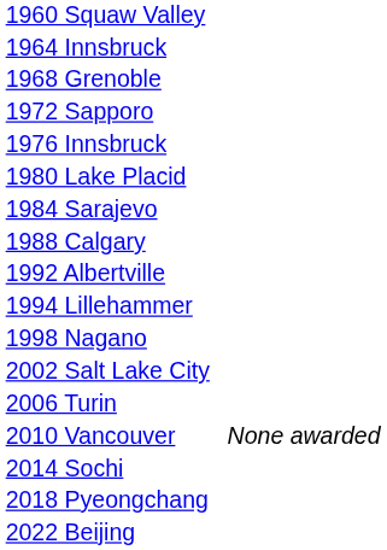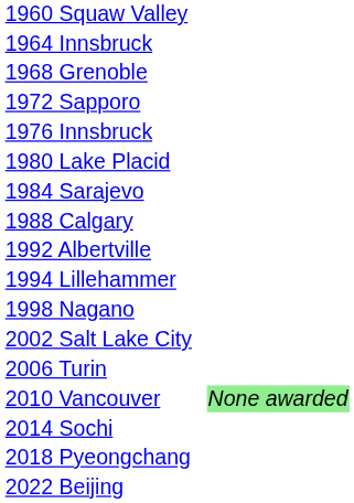 <table>
 <tr>
 <td><a href='#'>1960 Squaw Valley</a><br></td>
 <td></td>
 <td></td>
 <td></td>
 </tr>
 <tr>
 <td><a href='#'>1964 Innsbruck</a><br></td>
 <td></td>
 <td></td>
 <td></td>
 </tr>
 <tr>
 <td><a href='#'>1968 Grenoble</a><br></td>
 <td></td>
 <td></td>
 <td></td>
 </tr>
 <tr>
 <td><a href='#'>1972 Sapporo</a><br></td>
 <td></td>
 <td></td>
 <td></td>
 </tr>
 <tr>
 <td><a href='#'>1976 Innsbruck</a><br></td>
 <td></td>
 <td></td>
 <td></td>
 </tr>
 <tr>
 <td><a href='#'>1980 Lake Placid</a><br></td>
 <td></td>
 <td></td>
 <td></td>
 </tr>
 <tr>
 <td><a href='#'>1984 Sarajevo</a><br></td>
 <td></td>
 <td></td>
 <td></td>
 </tr>
 <tr>
 <td><a href='#'>1988 Calgary</a><br></td>
 <td></td>
 <td></td>
 <td></td>
 </tr>
 <tr>
 <td><a href='#'>1992 Albertville</a><br></td>
 <td></td>
 <td></td>
 <td></td>
 </tr>
 <tr>
 <td><a href='#'>1994 Lillehammer</a><br></td>
 <td></td>
 <td></td>
 <td></td>
 </tr>
 <tr>
 <td><a href='#'>1998 Nagano</a><br></td>
 <td></td>
 <td></td>
 <td></td>
 </tr>
 <tr>
 <td><a href='#'>2002 Salt Lake City</a><br></td>
 <td></td>
 <td></td>
 <td></td>
 </tr>
 <tr>
 <td><a href='#'>2006 Turin</a><br></td>
 <td></td>
 <td></td>
 <td></td>
 </tr>
 <tr valign="top">
 <td><a href='#'>2010 Vancouver</a><br></td>
 <td></td>
 <td><br></td>
-<td align="center"><em>None awarded</em></td>
+<td align="center" style="background: lightgreen;"><em>None awarded</em></td>
 </tr>
 <tr>
 <td><a href='#'>2014 Sochi</a><br></td>
 <td></td>
 <td></td>
 <td></td>
 </tr>
 <tr>
 <td><a href='#'>2018 Pyeongchang</a><br></td>
 <td></td>
 <td></td>
 <td></td>
 </tr>
 <tr>
 <td><a href='#'>2022 Beijing</a><br></td>
 <td></td>
 <td></td>
 <td></td>
 </tr>
 </table>
